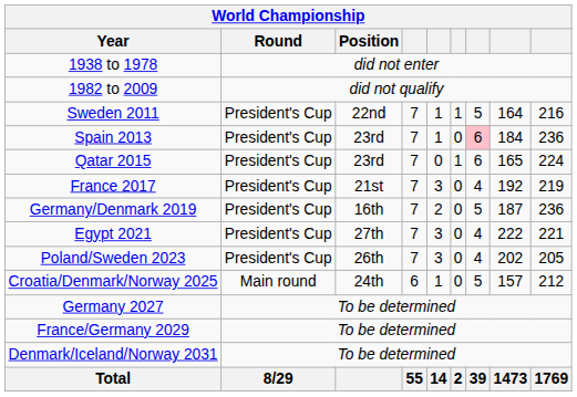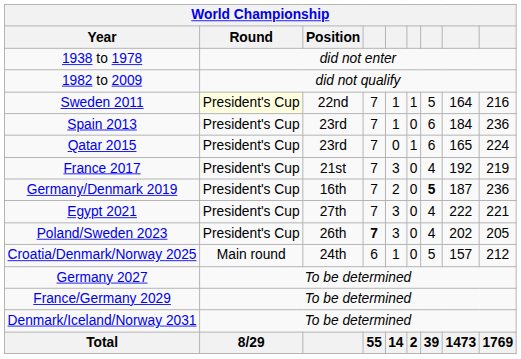 <table class="wikitable" style="text-align: center;">
 <tr>
 <th colspan=9><a href='#'>World Championship</a></th>
 </tr>
 <tr>
 <th>Year</th>
 <th>Round</th>
 <th>Position</th>
 <th></th>
 <th></th>
 <th></th>
 <th></th>
 <th></th>
 <th></th>
 </tr>
 <tr>
 <td><a href='#'>1938</a> to <a href='#'>1978</a></td>
 <td colspan=8><em>did not enter</em></td>
 </tr>
 <tr>
 <td><a href='#'>1982</a> to <a href='#'>2009</a></td>
 <td colspan=8><em>did not qualify</em></td>
 </tr>
 <tr>
 <td><a href='#'>Sweden 2011</a></td>
-<td>President's Cup</td>
+<td style="background: lightyellow;">President's Cup</td>
 <td>22nd</td>
 <td>7</td>
 <td>1</td>
 <td>1</td>
 <td>5</td>
 <td>164</td>
 <td>216</td>
 </tr>
 <tr>
 <td><a href='#'>Spain 2013</a></td>
 <td>President's Cup</td>
 <td>23rd</td>
 <td>7</td>
 <td>1</td>
 <td>0</td>
-<td style="background: pink;">6</td>
+<td>6</td>
 <td>184</td>
 <td>236</td>
 </tr>
 <tr>
 <td><a href='#'>Qatar 2015</a></td>
 <td>President's Cup</td>
 <td>23rd</td>
 <td>7</td>
 <td>0</td>
 <td>1</td>
 <td>6</td>
 <td>165</td>
 <td>224</td>
 </tr>
 <tr>
 <td><a href='#'>France 2017</a></td>
 <td>President's Cup</td>
 <td>21st</td>
 <td>7</td>
 <td>3</td>
 <td>0</td>
 <td>4</td>
 <td>192</td>
 <td>219</td>
 </tr>
 <tr>
 <td><a href='#'>Germany/Denmark 2019</a></td>
 <td>President's Cup</td>
 <td>16th</td>
 <td>7</td>
 <td>2</td>
 <td>0</td>
-<td>5</td>
+<td><strong>5</strong></td>
 <td>187</td>
 <td>236</td>
 </tr>
 <tr>
 <td><a href='#'>Egypt 2021</a></td>
 <td>President's Cup</td>
 <td>27th</td>
 <td>7</td>
 <td>3</td>
 <td>0</td>
 <td>4</td>
 <td>222</td>
 <td>221</td>
 </tr>
 <tr>
 <td><a href='#'>Poland/Sweden 2023</a></td>
 <td>President's Cup</td>
 <td>26th</td>
-<td>7</td>
+<td><strong>7</strong></td>
 <td>3</td>
 <td>0</td>
 <td>4</td>
 <td>202</td>
 <td>205</td>
 </tr>
 <tr>
 <td><a href='#'>Croatia/Denmark/Norway 2025</a></td>
 <td>Main round</td>
 <td>24th</td>
 <td>6</td>
 <td>1</td>
 <td>0</td>
 <td>5</td>
 <td>157</td>
 <td>212</td>
 </tr>
 <tr>
 <td><a href='#'>Germany 2027</a></td>
 <td colspan=8><em>To be determined </em></td>
 </tr>
 <tr>
 <td><a href='#'>France/Germany 2029</a></td>
 <td colspan=8><em>To be determined </em></td>
 </tr>
 <tr>
 <td><a href='#'>Denmark/Iceland/Norway 2031</a></td>
 <td colspan=8><em>To be determined </em></td>
 </tr>
 <tr>
 <th>Total</th>
 <th>8/29</th>
 <th></th>
 <th>55</th>
 <th>14</th>
 <th>2</th>
 <th>39</th>
 <th>1473</th>
 <th>1769</th>
 </tr>
 </table>
